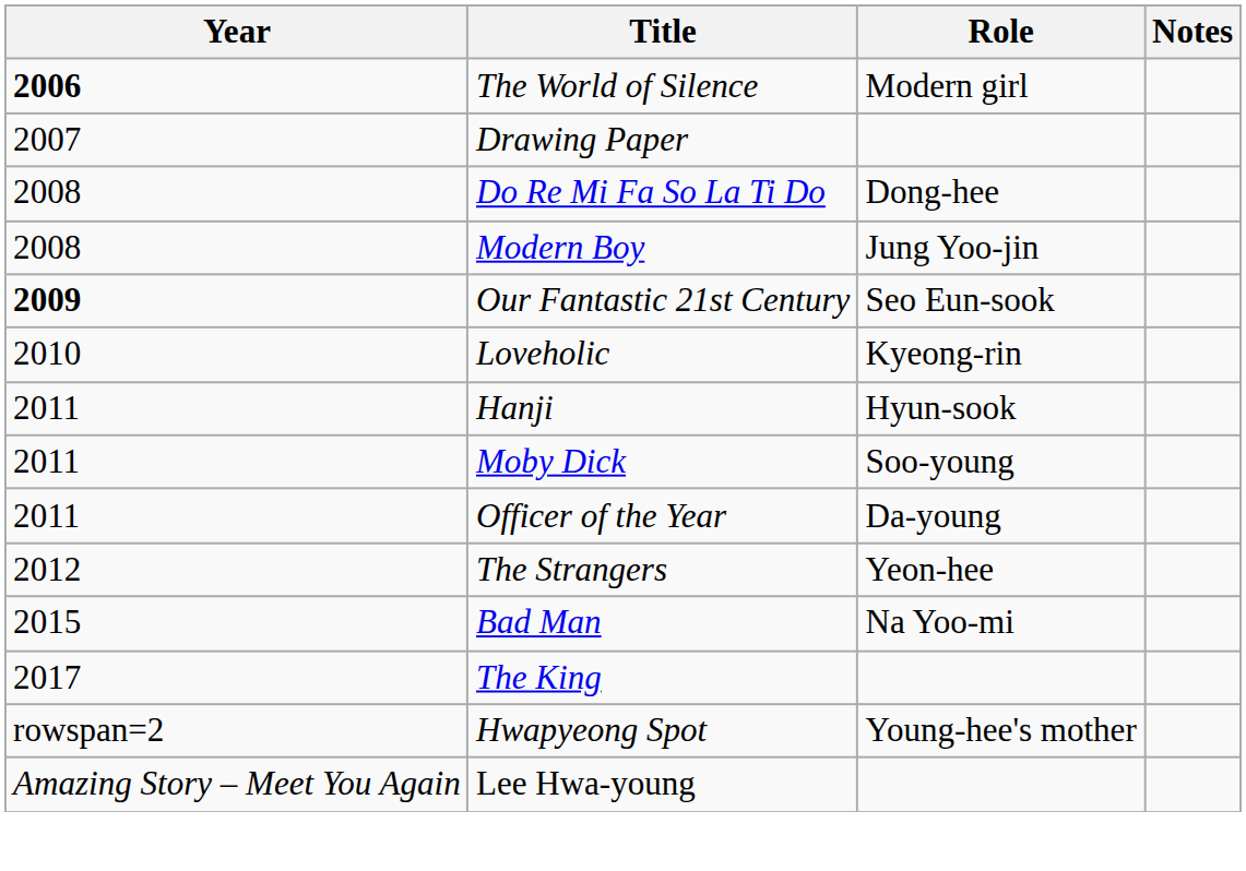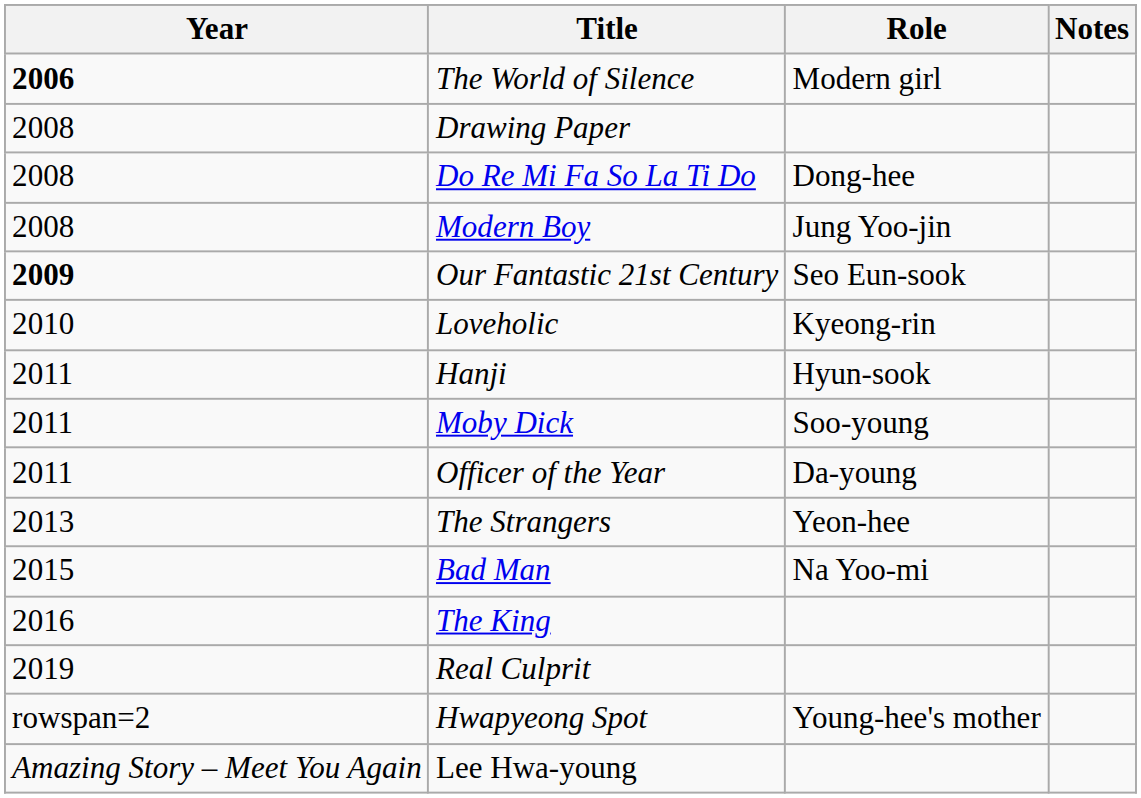 <table class="wikitable sortable">
 <tr>
 <th>Year</th>
 <th>Title</th>
 <th>Role</th>
 <th class"unsortable">Notes</th>
 </tr>
 <tr>
 <td><strong>2006</strong></td>
 <td><em>The World of Silence</em></td>
 <td>Modern girl</td>
 <td></td>
 </tr>
 <tr>
-<td>2007</td>
+<td>2008</td>
 <td><em>Drawing Paper</em></td>
 <td></td>
 <td></td>
 </tr>
 <tr>
 <td>2008</td>
 <td><em><a href='#'>Do Re Mi Fa So La Ti Do</a> </em></td>
 <td>Dong-hee</td>
 <td></td>
 </tr>
 <tr>
 <td>2008</td>
 <td><em><a href='#'>Modern Boy</a></em></td>
 <td>Jung Yoo-jin</td>
 <td></td>
 </tr>
 <tr>
 <td><strong>2009</strong></td>
 <td><em>Our Fantastic 21st Century</em></td>
 <td>Seo Eun-sook</td>
 <td></td>
 </tr>
 <tr>
 <td>2010</td>
 <td><em>Loveholic</em></td>
 <td>Kyeong-rin</td>
 <td></td>
 </tr>
 <tr>
 <td>2011</td>
 <td><em>Hanji</em></td>
 <td>Hyun-sook</td>
 <td></td>
 </tr>
 <tr>
 <td>2011</td>
 <td><em><a href='#'>Moby Dick</a></em></td>
 <td>Soo-young</td>
 <td></td>
 </tr>
 <tr>
 <td>2011</td>
 <td><em>Officer of the Year</em></td>
 <td>Da-young</td>
 <td></td>
 </tr>
 <tr>
-<td>2012</td>
+<td>2013</td>
 <td><em>The Strangers</em></td>
 <td>Yeon-hee</td>
 <td></td>
 </tr>
 <tr>
 <td>2015</td>
 <td><em><a href='#'>Bad Man</a></em></td>
 <td>Na Yoo-mi</td>
 <td></td>
 </tr>
 <tr>
-<td>2017</td>
+<td>2016</td>
 <td><em><a href='#'>The King</a></em></td>
+<td></td>
+<td></td>
+</tr>
+<tr>
+<td>2019</td>
+<td><em>Real Culprit</em></td>
 <td></td>
 <td></td>
 </tr>
 <tr>
 <td>rowspan=2 </td>
 <td><em>Hwapyeong Spot</em></td>
 <td>Young-hee's mother</td>
 <td></td>
 </tr>
 <tr>
 <td><em>Amazing Story – Meet You Again</em></td>
 <td>Lee Hwa-young</td>
 <td></td>
 </tr>
 </table>
